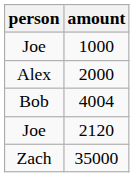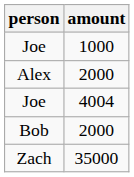 <table class="wikitable" style="text-align:center">
 <tr>
 <th>person</th>
 <th>amount</th>
 </tr>
 <tr>
 <td>Joe</td>
 <td>1000</td>
 </tr>
 <tr>
 <td>Alex</td>
 <td>2000</td>
 </tr>
 <tr>
-<td>Bob</td>
+<td>Joe</td>
 <td>4004</td>
 </tr>
 <tr>
-<td>Joe</td>
-<td>2120</td>
+<td>Bob</td>
+<td>2000</td>
 </tr>
 <tr>
 <td>Zach</td>
 <td>35000</td>
 </tr>
 </table>
